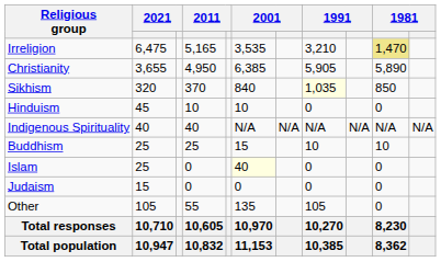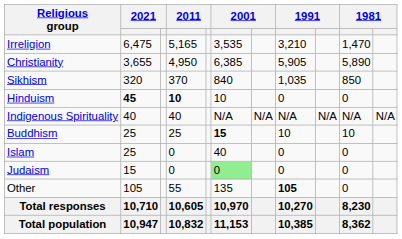 <table class="wikitable collapsible sortable">
 <tr>
 <th rowspan="2"><a href='#'>Religious</a><br>group</th>
 <th colspan="2"><a href='#'>2021</a></th>
 <th colspan="2"><a href='#'>2011</a></th>
 <th colspan="2"><a href='#'>2001</a></th>
 <th colspan="2"><a href='#'>1991</a></th>
 <th colspan="2"><a href='#'>1981</a></th>
 </tr>
 <tr>
 <th><a href='#'></a></th>
 <th></th>
 <th></th>
 <th></th>
 <th></th>
 <th></th>
 <th></th>
 <th></th>
 <th></th>
 <th></th>
 </tr>
 <tr>
 <td><a href='#'>Irreligion</a></td>
 <td>6,475</td>
 <td></td>
 <td>5,165</td>
 <td></td>
 <td>3,535</td>
 <td></td>
 <td>3,210</td>
 <td></td>
-<td style="background: khaki;">1,470</td>
+<td>1,470</td>
 <td></td>
 </tr>
 <tr>
 <td><a href='#'>Christianity</a></td>
 <td>3,655</td>
 <td></td>
 <td>4,950</td>
 <td></td>
 <td>6,385</td>
 <td></td>
 <td>5,905</td>
 <td></td>
 <td>5,890</td>
 <td></td>
 </tr>
 <tr>
 <td><a href='#'>Sikhism</a></td>
 <td>320</td>
 <td></td>
 <td>370</td>
 <td></td>
 <td>840</td>
 <td></td>
-<td style="background: lightyellow;">1,035</td>
+<td>1,035</td>
 <td></td>
 <td>850</td>
 <td></td>
 </tr>
 <tr>
 <td><a href='#'>Hinduism</a></td>
-<td>45</td>
+<td><strong>45</strong></td>
 <td></td>
-<td>10</td>
+<td><strong>10</strong></td>
 <td></td>
 <td>10</td>
 <td></td>
 <td>0</td>
 <td></td>
 <td>0</td>
 <td></td>
 </tr>
 <tr>
 <td><a href='#'>Indigenous Spirituality</a></td>
 <td>40</td>
 <td></td>
 <td>40</td>
 <td></td>
 <td>N/A</td>
 <td>N/A</td>
 <td>N/A</td>
 <td>N/A</td>
 <td>N/A</td>
 <td>N/A</td>
 </tr>
 <tr>
 <td><a href='#'>Buddhism</a></td>
 <td>25</td>
 <td></td>
 <td>25</td>
 <td></td>
-<td>15</td>
+<td><strong>15</strong></td>
 <td></td>
 <td>10</td>
 <td></td>
 <td>10</td>
 <td></td>
 </tr>
 <tr>
 <td><a href='#'>Islam</a></td>
 <td>25</td>
 <td></td>
 <td>0</td>
 <td></td>
-<td style="background: lightyellow;">40</td>
+<td>40</td>
 <td></td>
 <td>0</td>
 <td></td>
 <td>0</td>
 <td></td>
 </tr>
 <tr>
 <td><a href='#'>Judaism</a></td>
 <td>15</td>
 <td></td>
 <td>0</td>
 <td></td>
-<td>0</td>
+<td style="background: lightgreen;">0</td>
 <td></td>
 <td>0</td>
 <td></td>
 <td>0</td>
 <td></td>
 </tr>
 <tr>
 <td>Other</td>
 <td>105</td>
 <td></td>
 <td>55</td>
 <td></td>
 <td>135</td>
 <td></td>
-<td>105</td>
+<td><strong>105</strong></td>
 <td></td>
 <td>0</td>
 <td></td>
 </tr>
 <tr>
 <th>Total responses</th>
 <th>10,710</th>
 <th></th>
 <th>10,605</th>
 <th></th>
 <th>10,970</th>
 <th></th>
 <th>10,270</th>
 <th></th>
 <th>8,230</th>
 <th></th>
 </tr>
 <tr>
 <th>Total population</th>
 <th>10,947</th>
 <th></th>
 <th>10,832</th>
 <th></th>
 <th>11,153</th>
 <th></th>
 <th>10,385</th>
 <th></th>
 <th>8,362</th>
 <th></th>
 </tr>
 </table>
